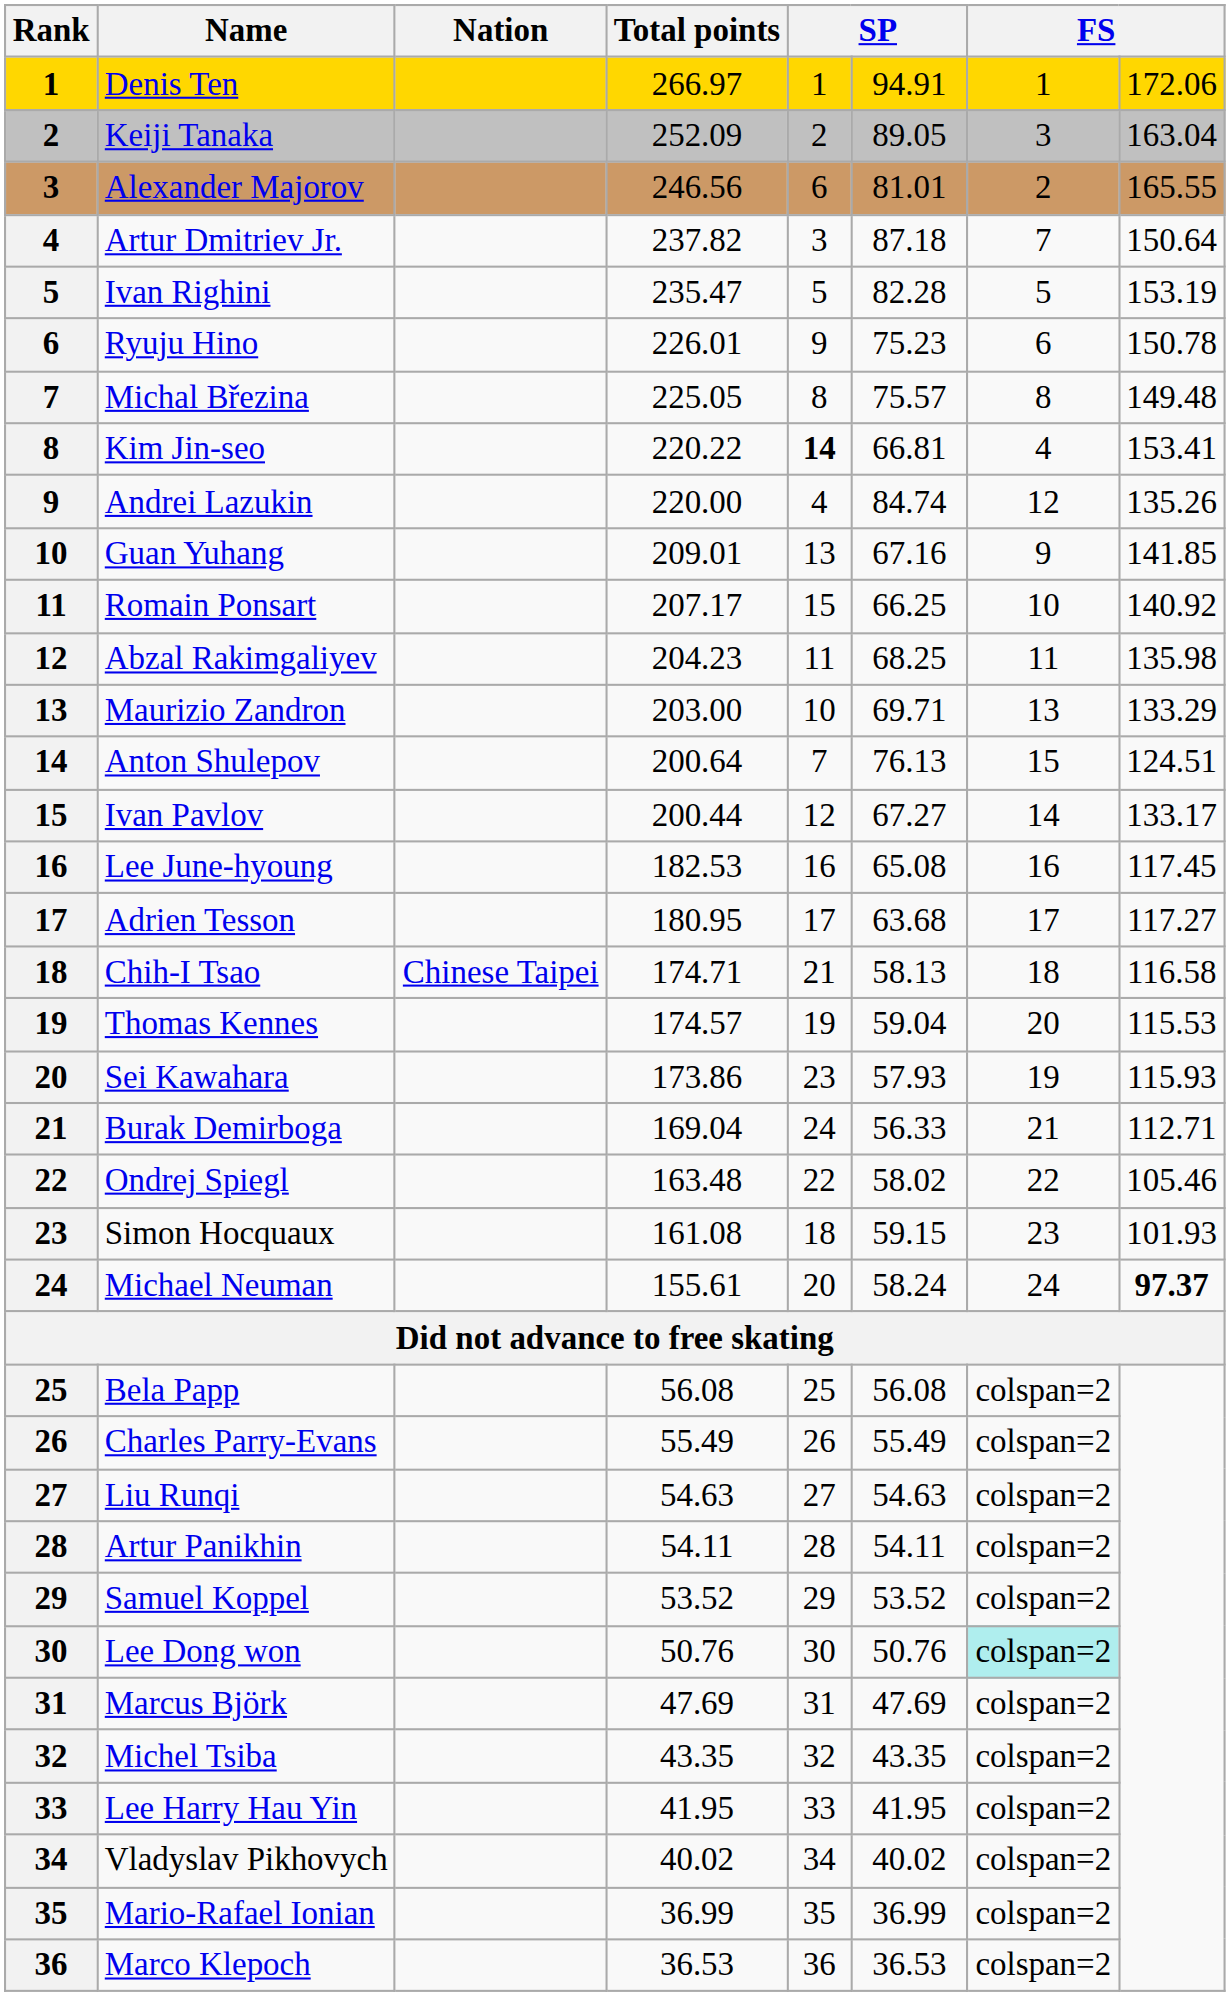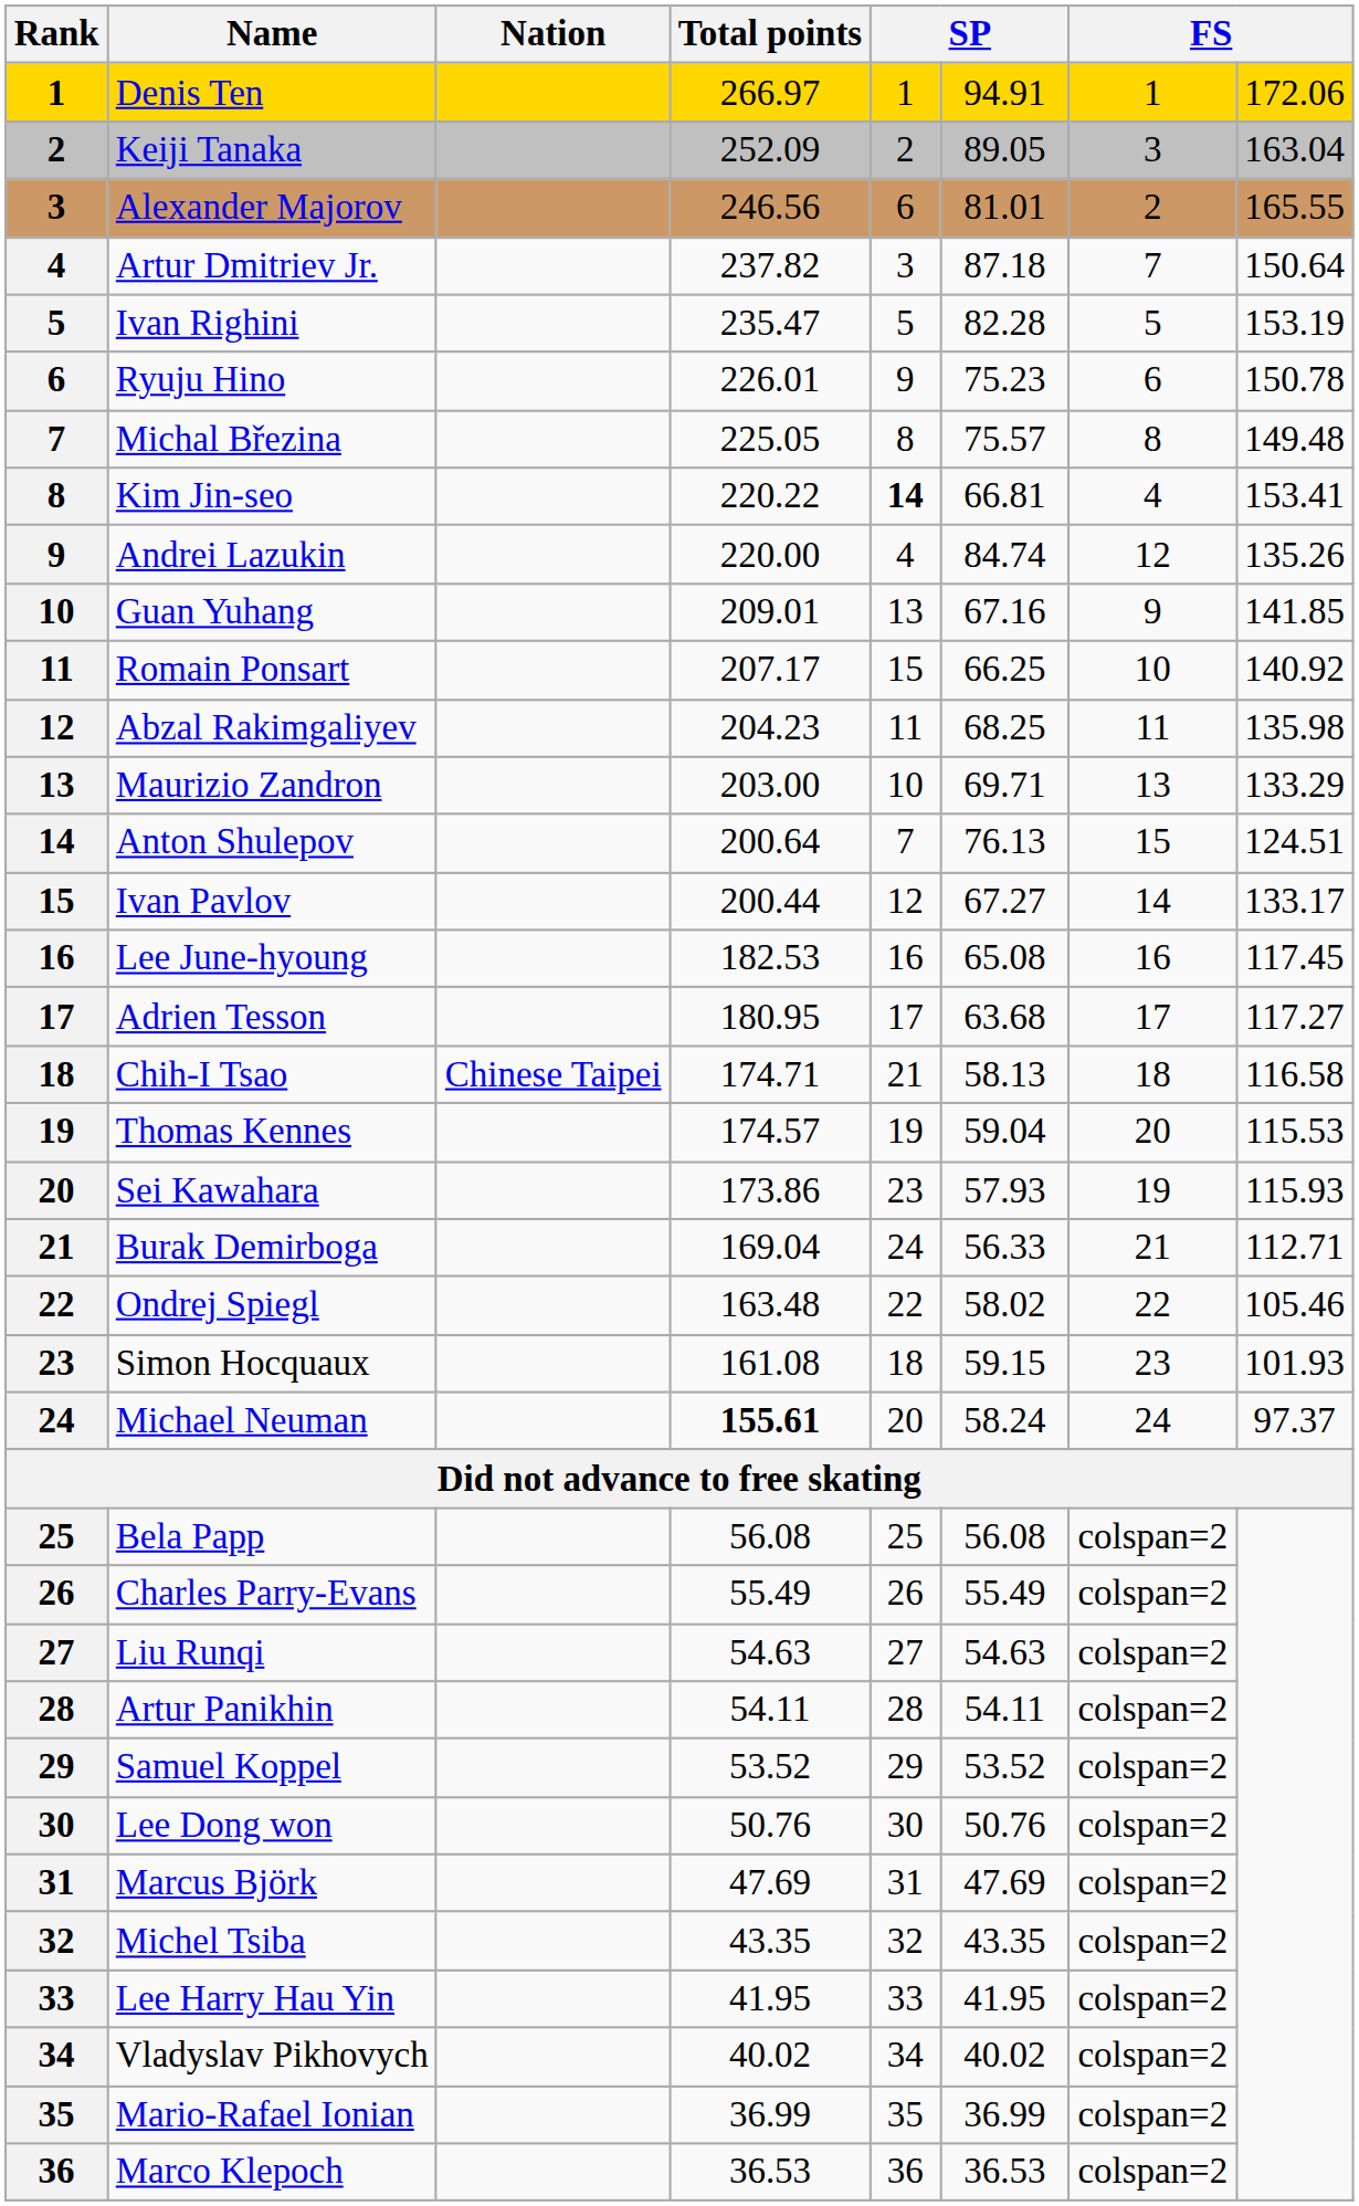 <table class="wikitable sortable">
 <tr>
 <th>Rank</th>
 <th>Name</th>
 <th>Nation</th>
 <th>Total points</th>
 <th colspan="2" width="80px"><a href='#'>SP</a></th>
 <th colspan="2" width="80px"><a href='#'>FS</a></th>
 </tr>
 <tr bgcolor="gold">
 <td align="center"><strong>1</strong></td>
 <td><a href='#'>Denis Ten</a></td>
 <td></td>
 <td align="center">266.97</td>
 <td align="center">1</td>
 <td align="center">94.91</td>
 <td align="center">1</td>
 <td align="center">172.06</td>
 </tr>
 <tr bgcolor="silver">
 <td align="center"><strong>2</strong></td>
 <td><a href='#'>Keiji Tanaka</a></td>
 <td></td>
 <td align="center">252.09</td>
 <td align="center">2</td>
 <td align="center">89.05</td>
 <td align="center">3</td>
 <td align="center">163.04</td>
 </tr>
 <tr bgcolor="#cc9966">
 <td align="center"><strong>3</strong></td>
 <td><a href='#'>Alexander Majorov</a></td>
 <td></td>
 <td align="center">246.56</td>
 <td align="center">6</td>
 <td align="center">81.01</td>
 <td align="center">2</td>
 <td align="center">165.55</td>
 </tr>
 <tr>
 <th>4</th>
 <td><a href='#'>Artur Dmitriev Jr.</a></td>
 <td></td>
 <td align="center">237.82</td>
 <td align="center">3</td>
 <td align="center">87.18</td>
 <td align="center">7</td>
 <td align="center">150.64</td>
 </tr>
 <tr>
 <th>5</th>
 <td><a href='#'>Ivan Righini</a></td>
 <td></td>
 <td align="center">235.47</td>
 <td align="center">5</td>
 <td align="center">82.28</td>
 <td align="center">5</td>
 <td align="center">153.19</td>
 </tr>
 <tr>
 <th>6</th>
 <td><a href='#'>Ryuju Hino</a></td>
 <td></td>
 <td align="center">226.01</td>
 <td align="center">9</td>
 <td align="center">75.23</td>
 <td align="center">6</td>
 <td align="center">150.78</td>
 </tr>
 <tr>
 <th>7</th>
 <td><a href='#'>Michal Březina</a></td>
 <td></td>
 <td align="center">225.05</td>
 <td align="center">8</td>
 <td align="center">75.57</td>
 <td align="center">8</td>
 <td align="center">149.48</td>
 </tr>
 <tr>
 <th>8</th>
 <td><a href='#'>Kim Jin-seo</a></td>
 <td></td>
 <td align="center">220.22</td>
 <td align="center"><strong>14</strong></td>
 <td align="center">66.81</td>
 <td align="center">4</td>
 <td align="center">153.41</td>
 </tr>
 <tr>
 <th>9</th>
 <td><a href='#'>Andrei Lazukin</a></td>
 <td></td>
 <td align="center">220.00</td>
 <td align="center">4</td>
 <td align="center">84.74</td>
 <td align="center">12</td>
 <td align="center">135.26</td>
 </tr>
 <tr>
 <th>10</th>
 <td><a href='#'>Guan Yuhang</a></td>
 <td></td>
 <td align="center">209.01</td>
 <td align="center">13</td>
 <td align="center">67.16</td>
 <td align="center">9</td>
 <td align="center">141.85</td>
 </tr>
 <tr>
 <th>11</th>
 <td><a href='#'>Romain Ponsart</a></td>
 <td></td>
 <td align="center">207.17</td>
 <td align="center">15</td>
 <td align="center">66.25</td>
 <td align="center">10</td>
 <td align="center">140.92</td>
 </tr>
 <tr>
 <th>12</th>
 <td><a href='#'>Abzal Rakimgaliyev</a></td>
 <td></td>
 <td align="center">204.23</td>
 <td align="center">11</td>
 <td align="center">68.25</td>
 <td align="center">11</td>
 <td align="center">135.98</td>
 </tr>
 <tr>
 <th>13</th>
 <td><a href='#'>Maurizio Zandron</a></td>
 <td></td>
 <td align="center">203.00</td>
 <td align="center">10</td>
 <td align="center">69.71</td>
 <td align="center">13</td>
 <td align="center">133.29</td>
 </tr>
 <tr>
 <th>14</th>
 <td><a href='#'>Anton Shulepov</a></td>
 <td></td>
 <td align="center">200.64</td>
 <td align="center">7</td>
 <td align="center">76.13</td>
 <td align="center">15</td>
 <td align="center">124.51</td>
 </tr>
 <tr>
 <th>15</th>
 <td><a href='#'>Ivan Pavlov</a></td>
 <td></td>
 <td align="center">200.44</td>
 <td align="center">12</td>
 <td align="center">67.27</td>
 <td align="center">14</td>
 <td align="center">133.17</td>
 </tr>
 <tr>
 <th>16</th>
 <td><a href='#'>Lee June-hyoung</a></td>
 <td></td>
 <td align="center">182.53</td>
 <td align="center">16</td>
 <td align="center">65.08</td>
 <td align="center">16</td>
 <td align="center">117.45</td>
 </tr>
 <tr>
 <th>17</th>
 <td><a href='#'>Adrien Tesson</a></td>
 <td></td>
 <td align="center">180.95</td>
 <td align="center">17</td>
 <td align="center">63.68</td>
 <td align="center">17</td>
 <td align="center">117.27</td>
 </tr>
 <tr>
 <th>18</th>
 <td><a href='#'>Chih-I Tsao</a></td>
 <td> <a href='#'>Chinese Taipei</a></td>
 <td align="center">174.71</td>
 <td align="center">21</td>
 <td align="center">58.13</td>
 <td align="center">18</td>
 <td align="center">116.58</td>
 </tr>
 <tr>
 <th>19</th>
 <td><a href='#'>Thomas Kennes</a></td>
 <td></td>
 <td align="center">174.57</td>
 <td align="center">19</td>
 <td align="center">59.04</td>
 <td align="center">20</td>
 <td align="center">115.53</td>
 </tr>
 <tr>
 <th>20</th>
 <td><a href='#'>Sei Kawahara</a></td>
 <td></td>
 <td align="center">173.86</td>
 <td align="center">23</td>
 <td align="center">57.93</td>
 <td align="center">19</td>
 <td align="center">115.93</td>
 </tr>
 <tr>
 <th>21</th>
 <td><a href='#'>Burak Demirboga</a></td>
 <td></td>
 <td align="center">169.04</td>
 <td align="center">24</td>
 <td align="center">56.33</td>
 <td align="center">21</td>
 <td align="center">112.71</td>
 </tr>
 <tr>
 <th>22</th>
 <td><a href='#'>Ondrej Spiegl</a></td>
 <td></td>
 <td align="center">163.48</td>
 <td align="center">22</td>
 <td align="center">58.02</td>
 <td align="center">22</td>
 <td align="center">105.46</td>
 </tr>
 <tr>
 <th>23</th>
 <td>Simon Hocquaux</td>
 <td></td>
 <td align="center">161.08</td>
 <td align="center">18</td>
 <td align="center">59.15</td>
 <td align="center">23</td>
 <td align="center">101.93</td>
 </tr>
 <tr>
 <th>24</th>
 <td><a href='#'>Michael Neuman</a></td>
 <td></td>
-<td align="center">155.61</td>
+<td align="center"><strong>155.61</strong></td>
 <td align="center">20</td>
 <td align="center">58.24</td>
 <td align="center">24</td>
-<td align="center"><strong>97.37</strong></td>
+<td align="center">97.37</td>
 </tr>
 <tr>
 <th colspan=8>Did not advance to free skating</th>
 </tr>
 <tr>
 <th>25</th>
 <td><a href='#'>Bela Papp</a></td>
 <td></td>
 <td align="center">56.08</td>
 <td align="center">25</td>
 <td align="center">56.08</td>
 <td>colspan=2 </td>
 </tr>
 <tr>
 <th>26</th>
 <td><a href='#'>Charles Parry-Evans</a></td>
 <td></td>
 <td align="center">55.49</td>
 <td align="center">26</td>
 <td align="center">55.49</td>
 <td>colspan=2 </td>
 </tr>
 <tr>
 <th>27</th>
 <td><a href='#'>Liu Runqi</a></td>
 <td></td>
 <td align="center">54.63</td>
 <td align="center">27</td>
 <td align="center">54.63</td>
 <td>colspan=2 </td>
 </tr>
 <tr>
 <th>28</th>
 <td><a href='#'>Artur Panikhin</a></td>
 <td></td>
 <td align="center">54.11</td>
 <td align="center">28</td>
 <td align="center">54.11</td>
 <td>colspan=2 </td>
 </tr>
 <tr>
 <th>29</th>
 <td><a href='#'>Samuel Koppel</a></td>
 <td></td>
 <td align="center">53.52</td>
 <td align="center">29</td>
 <td align="center">53.52</td>
 <td>colspan=2 </td>
 </tr>
 <tr>
 <th>30</th>
 <td><a href='#'>Lee Dong won</a></td>
 <td></td>
 <td align="center">50.76</td>
 <td align="center">30</td>
 <td align="center">50.76</td>
-<td style="background: paleturquoise;">colspan=2 </td>
+<td>colspan=2 </td>
 </tr>
 <tr>
 <th>31</th>
 <td><a href='#'>Marcus Björk</a></td>
 <td></td>
 <td align="center">47.69</td>
 <td align="center">31</td>
 <td align="center">47.69</td>
 <td>colspan=2 </td>
 </tr>
 <tr>
 <th>32</th>
 <td><a href='#'>Michel Tsiba</a></td>
 <td></td>
 <td align="center">43.35</td>
 <td align="center">32</td>
 <td align="center">43.35</td>
 <td>colspan=2 </td>
 </tr>
 <tr>
 <th>33</th>
 <td><a href='#'>Lee Harry Hau Yin</a></td>
 <td></td>
 <td align="center">41.95</td>
 <td align="center">33</td>
 <td align="center">41.95</td>
 <td>colspan=2 </td>
 </tr>
 <tr>
 <th>34</th>
 <td>Vladyslav Pikhovych</td>
 <td></td>
 <td align="center">40.02</td>
 <td align="center">34</td>
 <td align="center">40.02</td>
 <td>colspan=2 </td>
 </tr>
 <tr>
 <th>35</th>
 <td><a href='#'>Mario-Rafael Ionian</a></td>
 <td></td>
 <td align="center">36.99</td>
 <td align="center">35</td>
 <td align="center">36.99</td>
 <td>colspan=2 </td>
 </tr>
 <tr>
 <th>36</th>
 <td><a href='#'>Marco Klepoch</a></td>
 <td></td>
 <td align="center">36.53</td>
 <td align="center">36</td>
 <td align="center">36.53</td>
 <td>colspan=2 </td>
 </tr>
 </table>
